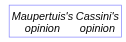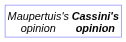 <table style="float: right; margin: 10px; border: 1px #8080ff solid">
 <tr>
 <td></td>
 <td></td>
 </tr>
 <tr>
 <td style="text-align: center"><em>Maupertuis's<br>opinion</em></td>
-<td style="text-align: center"><em>Cassini's<br>opinion</em></td>
+<td style="text-align: center"><strong><em>Cassini's<br>opinion</em></strong></td>
 </tr>
 </table>
